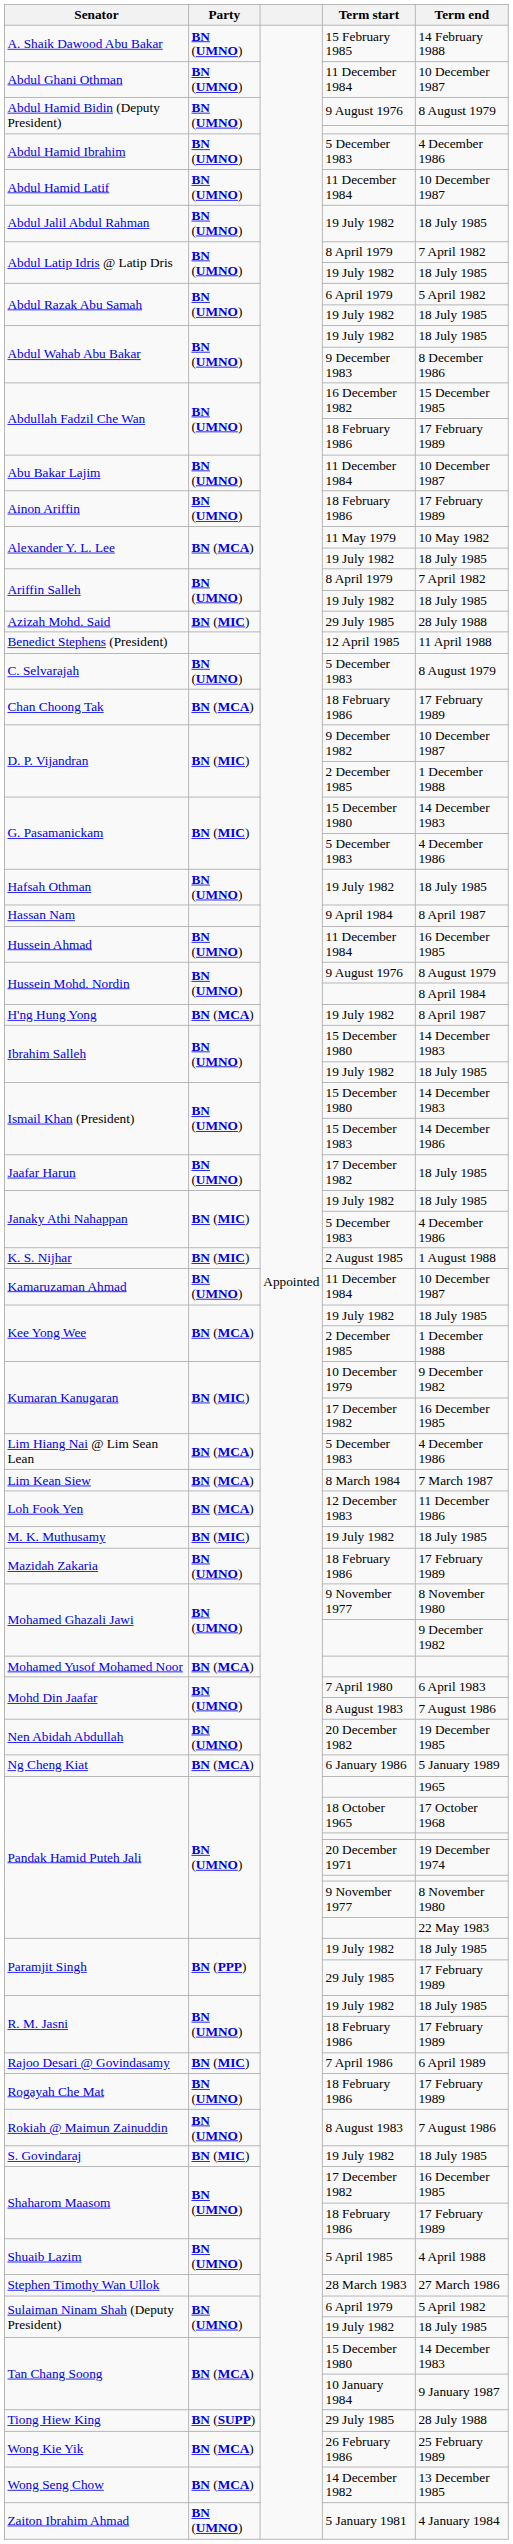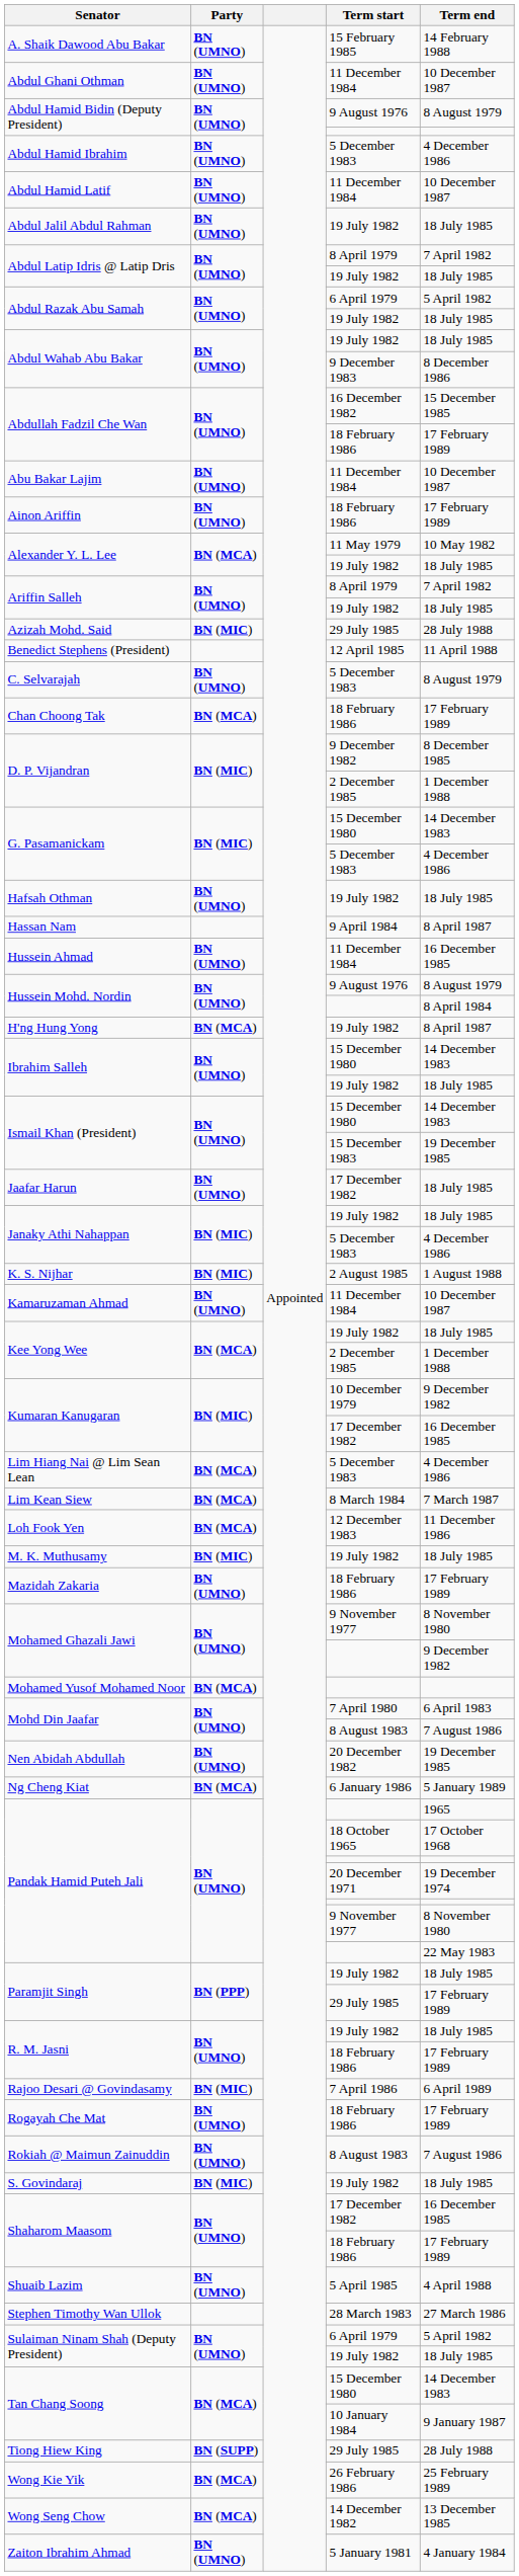 <table class="wikitable sortable">
 <tr>
 <th>Senator</th>
 <th>Party</th>
 <th></th>
 <th>Term start</th>
 <th>Term end</th>
 </tr>
 <tr>
 <td><a href='#'>A. Shaik Dawood Abu Bakar</a></td>
 <td><strong><a href='#'>BN</a></strong> (<strong><a href='#'>UMNO</a></strong>)</td>
 <td rowspan=87>Appointed</td>
 <td>15 February 1985</td>
 <td>14 February 1988</td>
 </tr>
 <tr>
 <td><a href='#'>Abdul Ghani Othman</a></td>
 <td><strong><a href='#'>BN</a></strong> (<strong><a href='#'>UMNO</a></strong>)</td>
 <td>11 December 1984</td>
 <td>10 December 1987</td>
 </tr>
 <tr>
 <td rowspan=2><a href='#'>Abdul Hamid Bidin</a> (Deputy President)</td>
 <td rowspan=2><strong><a href='#'>BN</a></strong> (<strong><a href='#'>UMNO</a></strong>)</td>
 <td>9 August 1976</td>
 <td>8 August 1979</td>
 </tr>
 <tr>
 <td></td>
 <td></td>
 </tr>
 <tr>
 <td><a href='#'>Abdul Hamid Ibrahim</a></td>
 <td><strong><a href='#'>BN</a></strong> (<strong><a href='#'>UMNO</a></strong>)</td>
 <td>5 December 1983</td>
 <td>4 December 1986</td>
 </tr>
 <tr>
 <td><a href='#'>Abdul Hamid Latif</a></td>
 <td><strong><a href='#'>BN</a></strong> (<strong><a href='#'>UMNO</a></strong>)</td>
 <td>11 December 1984</td>
 <td>10 December 1987</td>
 </tr>
 <tr>
 <td><a href='#'>Abdul Jalil Abdul Rahman</a></td>
 <td><strong><a href='#'>BN</a></strong> (<strong><a href='#'>UMNO</a></strong>)</td>
 <td>19 July 1982</td>
 <td>18 July 1985</td>
 </tr>
 <tr>
 <td rowspan=2><a href='#'>Abdul Latip Idris</a>  @ Latip Dris</td>
 <td rowspan=2><strong><a href='#'>BN</a></strong> (<strong><a href='#'>UMNO</a></strong>)</td>
 <td>8 April 1979</td>
 <td>7 April 1982</td>
 </tr>
 <tr>
 <td>19 July 1982</td>
 <td>18 July 1985</td>
 </tr>
 <tr>
 <td rowspan=2><a href='#'>Abdul Razak Abu Samah</a></td>
 <td rowspan=2><strong><a href='#'>BN</a></strong> (<strong><a href='#'>UMNO</a></strong>)</td>
 <td>6 April 1979</td>
 <td>5 April 1982</td>
 </tr>
 <tr>
 <td>19 July 1982</td>
 <td>18 July 1985</td>
 </tr>
 <tr>
 <td rowspan=2><a href='#'>Abdul Wahab Abu Bakar</a></td>
 <td rowspan=2><strong><a href='#'>BN</a></strong> (<strong><a href='#'>UMNO</a></strong>)</td>
 <td>19 July 1982</td>
 <td>18 July 1985</td>
 </tr>
 <tr>
 <td>9 December 1983</td>
 <td>8 December 1986</td>
 </tr>
 <tr>
 <td rowspan=2><a href='#'>Abdullah Fadzil Che Wan</a></td>
 <td rowspan=2><strong><a href='#'>BN</a></strong> (<strong><a href='#'>UMNO</a></strong>)</td>
 <td>16 December 1982</td>
 <td>15 December 1985</td>
 </tr>
 <tr>
 <td>18 February 1986</td>
 <td>17 February 1989</td>
 </tr>
 <tr>
 <td><a href='#'>Abu Bakar Lajim</a></td>
 <td><strong><a href='#'>BN</a></strong> (<strong><a href='#'>UMNO</a></strong>)</td>
 <td>11 December 1984</td>
 <td>10 December 1987</td>
 </tr>
 <tr>
 <td><a href='#'>Ainon Ariffin</a></td>
 <td><strong><a href='#'>BN</a></strong> (<strong><a href='#'>UMNO</a></strong>)</td>
 <td>18 February 1986</td>
 <td>17 February 1989</td>
 </tr>
 <tr>
 <td rowspan=2><a href='#'>Alexander Y. L. Lee</a></td>
 <td rowspan=2><strong><a href='#'>BN</a></strong> (<strong><a href='#'>MCA</a></strong>)</td>
 <td>11 May 1979</td>
 <td>10 May 1982</td>
 </tr>
 <tr>
 <td>19 July 1982</td>
 <td>18 July 1985</td>
 </tr>
 <tr>
 <td rowspan=2><a href='#'>Ariffin Salleh</a></td>
 <td rowspan=2><strong><a href='#'>BN</a></strong> (<strong><a href='#'>UMNO</a></strong>)</td>
 <td>8 April 1979</td>
 <td>7 April 1982</td>
 </tr>
 <tr>
 <td>19 July 1982</td>
 <td>18 July 1985</td>
 </tr>
 <tr>
 <td><a href='#'>Azizah Mohd. Said</a></td>
 <td><strong><a href='#'>BN</a></strong> (<strong><a href='#'>MIC</a></strong>)</td>
 <td>29 July 1985</td>
 <td>28 July 1988</td>
 </tr>
 <tr>
 <td><a href='#'>Benedict Stephens</a> (President)</td>
 <td></td>
 <td>12 April 1985</td>
 <td>11 April 1988</td>
 </tr>
 <tr>
 <td><a href='#'>C. Selvarajah</a></td>
 <td><strong><a href='#'>BN</a></strong> (<strong><a href='#'>UMNO</a></strong>)</td>
 <td>5 December 1983</td>
 <td>8 August 1979</td>
 </tr>
 <tr>
 <td><a href='#'>Chan Choong Tak</a></td>
 <td><strong><a href='#'>BN</a></strong> (<strong><a href='#'>MCA</a></strong>)</td>
 <td>18 February 1986</td>
 <td>17 February 1989</td>
 </tr>
 <tr>
 <td rowspan=2><a href='#'>D. P. Vijandran</a></td>
 <td rowspan=2><strong><a href='#'>BN</a></strong> (<strong><a href='#'>MIC</a></strong>)</td>
 <td>9 December 1982</td>
-<td>10 December 1987</td>
+<td>8 December 1985</td>
 </tr>
 <tr>
 <td>2 December 1985</td>
 <td>1 December 1988</td>
 </tr>
 <tr>
 <td rowspan=2><a href='#'>G. Pasamanickam</a></td>
 <td rowspan=2><strong><a href='#'>BN</a></strong> (<strong><a href='#'>MIC</a></strong>)</td>
 <td>15 December 1980</td>
 <td>14 December 1983</td>
 </tr>
 <tr>
 <td>5 December 1983</td>
 <td>4 December 1986</td>
 </tr>
 <tr>
 <td><a href='#'>Hafsah Othman</a></td>
 <td><strong><a href='#'>BN</a></strong> (<strong><a href='#'>UMNO</a></strong>)</td>
 <td>19 July 1982</td>
 <td>18 July 1985</td>
 </tr>
 <tr>
 <td><a href='#'>Hassan Nam</a></td>
 <td></td>
 <td>9 April 1984</td>
 <td>8 April 1987</td>
 </tr>
 <tr>
 <td><a href='#'>Hussein Ahmad</a></td>
 <td><strong><a href='#'>BN</a></strong> (<strong><a href='#'>UMNO</a></strong>)</td>
 <td>11 December 1984</td>
 <td>16 December 1985</td>
 </tr>
 <tr>
 <td rowspan=2><a href='#'>Hussein Mohd. Nordin</a></td>
 <td rowspan=2><strong><a href='#'>BN</a></strong> (<strong><a href='#'>UMNO</a></strong>)</td>
 <td>9 August 1976</td>
 <td>8 August 1979</td>
 </tr>
 <tr>
 <td></td>
 <td>8 April 1984</td>
 </tr>
 <tr>
 <td><a href='#'>H'ng Hung Yong</a></td>
 <td><strong><a href='#'>BN</a></strong> (<strong><a href='#'>MCA</a></strong>)</td>
 <td>19 July 1982</td>
 <td>8 April 1987</td>
 </tr>
 <tr>
 <td rowspan=2><a href='#'>Ibrahim Salleh</a></td>
 <td rowspan=2><strong><a href='#'>BN</a></strong> (<strong><a href='#'>UMNO</a></strong>)</td>
 <td>15 December 1980</td>
 <td>14 December 1983</td>
 </tr>
 <tr>
 <td>19 July 1982</td>
 <td>18 July 1985</td>
 </tr>
 <tr>
 <td rowspan=2><a href='#'>Ismail Khan</a> (President)</td>
 <td rowspan=2><strong><a href='#'>BN</a></strong> (<strong><a href='#'>UMNO</a></strong>)</td>
 <td>15 December 1980</td>
 <td>14 December 1983</td>
 </tr>
 <tr>
 <td>15 December 1983</td>
-<td>14 December 1986</td>
+<td>19 December 1985</td>
 </tr>
 <tr>
 <td><a href='#'>Jaafar Harun</a></td>
 <td><strong><a href='#'>BN</a></strong> (<strong><a href='#'>UMNO</a></strong>)</td>
 <td>17 December 1982</td>
 <td>18 July 1985</td>
 </tr>
 <tr>
 <td rowspan=2><a href='#'>Janaky Athi Nahappan</a></td>
 <td rowspan=2><strong><a href='#'>BN</a></strong> (<strong><a href='#'>MIC</a></strong>)</td>
 <td>19 July 1982</td>
 <td>18 July 1985</td>
 </tr>
 <tr>
 <td>5 December 1983</td>
 <td>4 December 1986</td>
 </tr>
 <tr>
 <td><a href='#'>K. S. Nijhar</a></td>
 <td><strong><a href='#'>BN</a></strong> (<strong><a href='#'>MIC</a></strong>)</td>
 <td>2 August 1985</td>
 <td>1 August 1988</td>
 </tr>
 <tr>
 <td><a href='#'>Kamaruzaman Ahmad</a></td>
 <td><strong><a href='#'>BN</a></strong> (<strong><a href='#'>UMNO</a></strong>)</td>
 <td>11 December 1984</td>
 <td>10 December 1987</td>
 </tr>
 <tr>
 <td rowspan=2><a href='#'>Kee Yong Wee</a></td>
 <td rowspan=2><strong><a href='#'>BN</a></strong> (<strong><a href='#'>MCA</a></strong>)</td>
 <td>19 July 1982</td>
 <td>18 July 1985</td>
 </tr>
 <tr>
 <td>2 December 1985</td>
 <td>1 December 1988</td>
 </tr>
 <tr>
 <td rowspan=2><a href='#'>Kumaran Kanugaran</a></td>
 <td rowspan=2><strong><a href='#'>BN</a></strong> (<strong><a href='#'>MIC</a></strong>)</td>
 <td>10 December 1979</td>
 <td>9 December 1982</td>
 </tr>
 <tr>
 <td>17 December 1982</td>
 <td>16 December 1985</td>
 </tr>
 <tr>
 <td><a href='#'>Lim Hiang Nai</a> @ Lim Sean Lean</td>
 <td><strong><a href='#'>BN</a></strong> (<strong><a href='#'>MCA</a></strong>)</td>
 <td>5 December 1983</td>
 <td>4 December 1986</td>
 </tr>
 <tr>
 <td><a href='#'>Lim Kean Siew</a></td>
 <td><strong><a href='#'>BN</a></strong> (<strong><a href='#'>MCA</a></strong>)</td>
 <td>8 March 1984</td>
 <td>7 March 1987</td>
 </tr>
 <tr>
 <td><a href='#'>Loh Fook Yen</a></td>
 <td><strong><a href='#'>BN</a></strong> (<strong><a href='#'>MCA</a></strong>)</td>
 <td>12 December 1983</td>
 <td>11 December 1986</td>
 </tr>
 <tr>
 <td><a href='#'>M. K. Muthusamy</a></td>
 <td><strong><a href='#'>BN</a></strong> (<strong><a href='#'>MIC</a></strong>)</td>
 <td>19 July 1982</td>
 <td>18 July 1985</td>
 </tr>
 <tr>
 <td><a href='#'>Mazidah Zakaria</a></td>
 <td><strong><a href='#'>BN</a></strong> (<strong><a href='#'>UMNO</a></strong>)</td>
 <td>18 February 1986</td>
 <td>17 February 1989</td>
 </tr>
 <tr>
 <td rowspan=2><a href='#'>Mohamed Ghazali Jawi</a></td>
 <td rowspan=2><strong><a href='#'>BN</a></strong> (<strong><a href='#'>UMNO</a></strong>)</td>
 <td>9 November 1977</td>
 <td>8 November 1980</td>
 </tr>
 <tr>
 <td></td>
 <td>9 December 1982</td>
 </tr>
 <tr>
 <td><a href='#'>Mohamed Yusof Mohamed Noor</a></td>
 <td><strong><a href='#'>BN</a></strong> (<strong><a href='#'>MCA</a></strong>)</td>
 <td></td>
 <td></td>
 </tr>
 <tr>
 <td rowspan=2><a href='#'>Mohd Din Jaafar</a></td>
 <td rowspan=2><strong><a href='#'>BN</a></strong> (<strong><a href='#'>UMNO</a></strong>)</td>
 <td>7 April 1980</td>
 <td>6 April 1983</td>
 </tr>
 <tr>
 <td>8 August 1983</td>
 <td>7 August 1986</td>
 </tr>
 <tr>
 <td><a href='#'>Nen Abidah Abdullah</a></td>
 <td><strong><a href='#'>BN</a></strong> (<strong><a href='#'>UMNO</a></strong>)</td>
 <td>20 December 1982</td>
 <td>19 December 1985</td>
 </tr>
 <tr>
 <td><a href='#'>Ng Cheng Kiat</a></td>
 <td><strong><a href='#'>BN</a></strong> (<strong><a href='#'>MCA</a></strong>)</td>
 <td>6 January 1986</td>
 <td>5 January 1989</td>
 </tr>
 <tr>
 <td rowspan=7><a href='#'>Pandak Hamid Puteh Jali</a></td>
 <td rowspan=7><strong><a href='#'>BN</a></strong> (<strong><a href='#'>UMNO</a></strong>)</td>
 <td></td>
 <td>1965</td>
 </tr>
 <tr>
 <td>18 October 1965</td>
 <td>17 October 1968</td>
 </tr>
 <tr>
 <td></td>
 <td></td>
 </tr>
 <tr>
 <td>20 December 1971</td>
 <td>19 December 1974</td>
 </tr>
 <tr>
 <td></td>
 <td></td>
 </tr>
 <tr>
 <td>9 November 1977</td>
 <td>8 November 1980</td>
 </tr>
 <tr>
 <td></td>
 <td>22 May 1983</td>
 </tr>
 <tr>
 <td rowspan=2><a href='#'>Paramjit Singh</a></td>
 <td rowspan=2><strong><a href='#'>BN</a></strong> (<strong><a href='#'>PPP</a></strong>)</td>
 <td>19 July 1982</td>
 <td>18 July 1985</td>
 </tr>
 <tr>
 <td>29 July 1985</td>
 <td>17 February 1989</td>
 </tr>
 <tr>
 <td rowspan=2><a href='#'>R. M. Jasni</a></td>
 <td rowspan=2><strong><a href='#'>BN</a></strong> (<strong><a href='#'>UMNO</a></strong>)</td>
 <td>19 July 1982</td>
 <td>18 July 1985</td>
 </tr>
 <tr>
 <td>18 February 1986</td>
 <td>17 February 1989</td>
 </tr>
 <tr>
 <td><a href='#'>Rajoo Desari @ Govindasamy</a></td>
 <td><strong><a href='#'>BN</a></strong> (<strong><a href='#'>MIC</a></strong>)</td>
 <td>7 April 1986</td>
 <td>6 April 1989</td>
 </tr>
 <tr>
 <td><a href='#'>Rogayah Che Mat</a></td>
 <td><strong><a href='#'>BN</a></strong> (<strong><a href='#'>UMNO</a></strong>)</td>
 <td>18 February 1986</td>
 <td>17 February 1989</td>
 </tr>
 <tr>
 <td><a href='#'>Rokiah @ Maimun Zainuddin</a></td>
 <td><strong><a href='#'>BN</a></strong> (<strong><a href='#'>UMNO</a></strong>)</td>
 <td>8 August 1983</td>
 <td>7 August 1986</td>
 </tr>
 <tr>
 <td><a href='#'>S. Govindaraj</a></td>
 <td><strong><a href='#'>BN</a></strong> (<strong><a href='#'>MIC</a></strong>)</td>
 <td>19 July 1982</td>
 <td>18 July 1985</td>
 </tr>
 <tr>
 <td rowspan=2><a href='#'>Shaharom Maasom</a></td>
 <td rowspan=2><strong><a href='#'>BN</a></strong> (<strong><a href='#'>UMNO</a></strong>)</td>
 <td>17 December 1982</td>
 <td>16 December 1985</td>
 </tr>
 <tr>
 <td>18 February 1986</td>
 <td>17 February 1989</td>
 </tr>
 <tr>
 <td><a href='#'>Shuaib Lazim</a></td>
 <td><strong><a href='#'>BN</a></strong> (<strong><a href='#'>UMNO</a></strong>)</td>
 <td>5 April 1985</td>
 <td>4 April 1988</td>
 </tr>
 <tr>
 <td><a href='#'>Stephen Timothy Wan Ullok</a></td>
 <td></td>
 <td>28 March 1983</td>
 <td>27 March 1986</td>
 </tr>
 <tr>
 <td rowspan=2><a href='#'>Sulaiman Ninam Shah</a> (Deputy President)</td>
 <td rowspan=2><strong><a href='#'>BN</a></strong> (<strong><a href='#'>UMNO</a></strong>)</td>
 <td>6 April 1979</td>
 <td>5 April 1982</td>
 </tr>
 <tr>
 <td>19 July 1982</td>
 <td>18 July 1985</td>
 </tr>
 <tr>
 <td rowspan=2><a href='#'>Tan Chang Soong</a></td>
 <td rowspan=2><strong><a href='#'>BN</a></strong> (<strong><a href='#'>MCA</a></strong>)</td>
 <td>15 December 1980</td>
 <td>14 December 1983</td>
 </tr>
 <tr>
 <td>10 January 1984</td>
 <td>9 January 1987</td>
 </tr>
 <tr>
 <td><a href='#'>Tiong Hiew King</a></td>
 <td><strong><a href='#'>BN</a></strong> (<strong><a href='#'>SUPP</a></strong>)</td>
 <td>29 July 1985</td>
 <td>28 July 1988</td>
 </tr>
 <tr>
 <td><a href='#'>Wong Kie Yik</a></td>
 <td><strong><a href='#'>BN</a></strong> (<strong><a href='#'>MCA</a></strong>)</td>
 <td>26 February 1986</td>
 <td>25 February 1989</td>
 </tr>
 <tr>
 <td><a href='#'>Wong Seng Chow</a></td>
 <td><strong><a href='#'>BN</a></strong> (<strong><a href='#'>MCA</a></strong>)</td>
 <td>14 December 1982</td>
 <td>13 December 1985</td>
 </tr>
 <tr>
 <td><a href='#'>Zaiton Ibrahim Ahmad</a></td>
 <td><strong><a href='#'>BN</a></strong> (<strong><a href='#'>UMNO</a></strong>)</td>
 <td>5 January 1981</td>
 <td>4 January 1984</td>
 </tr>
 </table>
